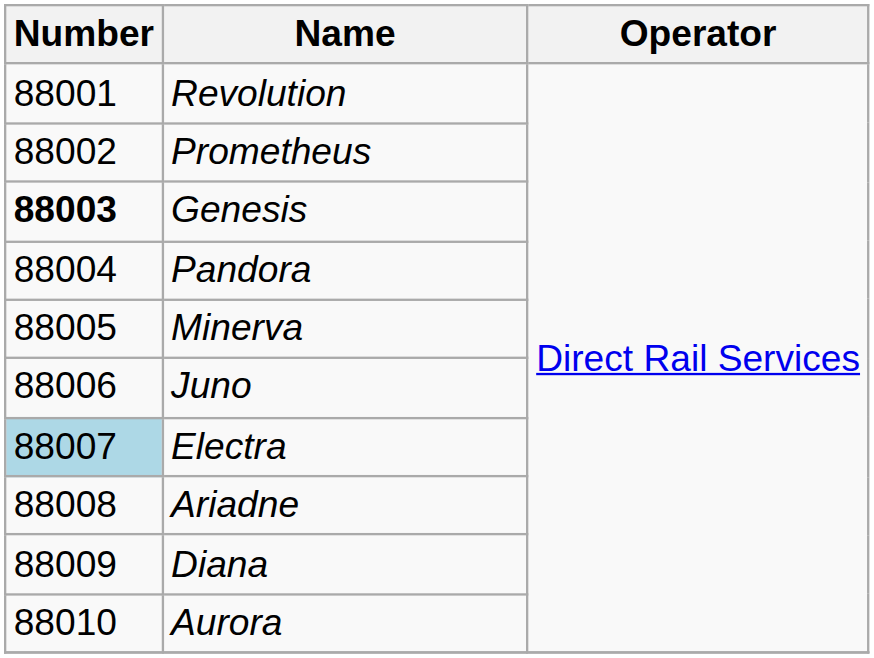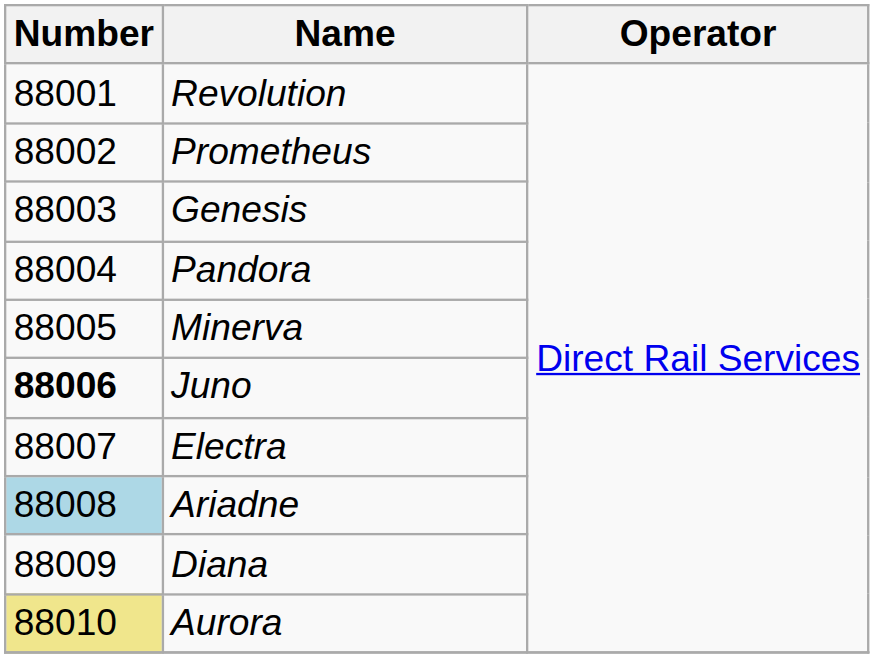 <table class="wikitable">
 <tr>
 <th width="60">Number</th>
 <th width="150">Name</th>
 <th>Operator</th>
 </tr>
 <tr>
 <td>88001</td>
 <td><em>Revolution</em></td>
 <td rowspan="10"><a href='#'>Direct Rail Services</a></td>
 </tr>
 <tr>
 <td>88002</td>
 <td><em>Prometheus</em></td>
 </tr>
 <tr>
-<td><strong>88003</strong></td>
+<td>88003</td>
 <td><em>Genesis</em></td>
 </tr>
 <tr>
 <td>88004</td>
 <td><em>Pandora</em></td>
 </tr>
 <tr>
 <td>88005</td>
 <td><em>Minerva</em></td>
 </tr>
 <tr>
-<td>88006</td>
+<td><strong>88006</strong></td>
 <td><em>Juno</em></td>
 </tr>
 <tr>
-<td style="background: lightblue;">88007</td>
+<td>88007</td>
 <td><em>Electra</em></td>
 </tr>
 <tr>
-<td>88008</td>
+<td style="background: lightblue;">88008</td>
 <td><em>Ariadne</em></td>
 </tr>
 <tr>
 <td>88009</td>
 <td><em>Diana</em></td>
 </tr>
 <tr>
-<td>88010</td>
+<td style="background: khaki;">88010</td>
 <td><em>Aurora</em></td>
 </tr>
 <tr>
 </tr>
 </table>
